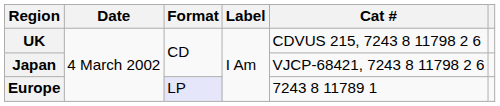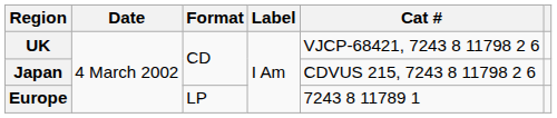 <table class="wikitable plainrowheaders">
 <tr>
 <th scope="col">Region</th>
 <th scope="col">Date</th>
 <th scope="col">Format</th>
 <th scope="col">Label</th>
 <th scope="col">Cat #</th>
 <th scope="col"></th>
 </tr>
 <tr>
 <th scope="row">UK</th>
 <td rowspan="3">4 March 2002</td>
 <td rowspan="2">CD</td>
 <td rowspan="3">I Am</td>
+<td>VJCP-68421, 7243 8 11798 2 6</td>
+<td align="center"></td>
+</tr>
+<tr>
+<th scope="row">Japan</th>
 <td>CDVUS 215, 7243 8 11798 2 6</td>
 <td align="center"></td>
 </tr>
 <tr>
-<th scope="row">Japan</th>
-<td>VJCP-68421, 7243 8 11798 2 6</td>
-<td align="center"></td>
-</tr>
-<tr>
 <th scope="row">Europe</th>
-<td rowspan="1" style="background: lavender;">LP</td>
+<td rowspan="1">LP</td>
 <td>7243 8 11789 1</td>
 <td align="center"></td>
 </tr>
 </table>
